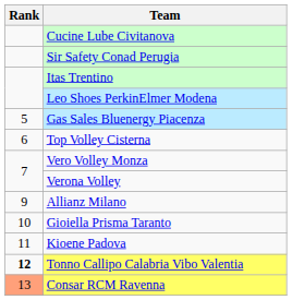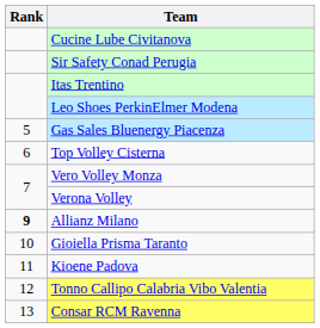 <table class="wikitable" style="text-align: center;">
 <tr>
 <th width=40>Rank</th>
 <th width=290>Team</th>
 </tr>
 <tr>
 <td></td>
 <td align=left bgcolor=#CCFFCC><a href='#'>Cucine Lube Civitanova</a></td>
 </tr>
 <tr>
 <td></td>
 <td align=left bgcolor=#CCFFCC><a href='#'>Sir Safety Conad Perugia</a></td>
 </tr>
 <tr>
 <td rowspan=2></td>
 <td align=left bgcolor=#CCFFCC><a href='#'>Itas Trentino</a></td>
 </tr>
 <tr>
 <td align=left bgcolor=#BBEBFF><a href='#'>Leo Shoes PerkinElmer Modena</a></td>
 </tr>
 <tr>
 <td>5</td>
 <td align=left bgcolor=#BBEBFF><a href='#'>Gas Sales Bluenergy Piacenza</a></td>
 </tr>
 <tr>
 <td>6</td>
 <td align=left><a href='#'>Top Volley Cisterna</a></td>
 </tr>
 <tr>
 <td rowspan=2>7</td>
 <td align=left><a href='#'>Vero Volley Monza</a></td>
 </tr>
 <tr>
 <td align=left><a href='#'>Verona Volley</a></td>
 </tr>
 <tr>
-<td>9</td>
+<td><strong>9</strong></td>
 <td align=left><a href='#'>Allianz Milano</a></td>
 </tr>
 <tr>
 <td>10</td>
 <td align=left><a href='#'>Gioiella Prisma Taranto</a></td>
 </tr>
 <tr>
 <td>11</td>
 <td align=left><a href='#'>Kioene Padova</a></td>
 </tr>
 <tr>
-<td><strong>12</strong></td>
+<td>12</td>
 <td align=left bgcolor=#FFFF66><a href='#'>Tonno Callipo Calabria Vibo Valentia</a></td>
 </tr>
 <tr>
-<td style="background: lightsalmon;">13</td>
+<td>13</td>
 <td align=left bgcolor=#FFFF66><a href='#'>Consar RCM Ravenna</a></td>
 </tr>
 </table>
